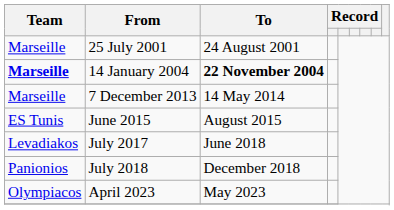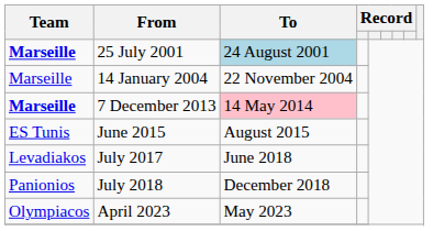 <table class=wikitable style="text-align: center">
 <tr>
 <th rowspan=2>Team</th>
 <th rowspan=2>From</th>
 <th rowspan=2>To</th>
 <th colspan=5>Record</th>
 <th rowspan=2></th>
 </tr>
 <tr>
 <th></th>
 <th></th>
 <th></th>
 <th></th>
 <th></th>
 </tr>
 <tr>
+<td align=left><strong><a href='#'>Marseille</a></strong></td>
+<td align=left>25 July 2001</td>
+<td align=left style="background: lightblue;">24 August 2001<br></td>
+<td></td>
+</tr>
+<tr>
 <td align=left><a href='#'>Marseille</a></td>
-<td align=left>25 July 2001</td>
-<td align=left>24 August 2001<br></td>
+<td align=left>14 January 2004</td>
+<td align=left>22 November 2004<br></td>
 <td></td>
 </tr>
 <tr>
 <td align=left><strong><a href='#'>Marseille</a></strong></td>
-<td align=left>14 January 2004</td>
-<td align=left><strong>22 November 2004<br></strong></td>
-<td></td>
-</tr>
-<tr>
-<td align=left><a href='#'>Marseille</a></td>
 <td align=left>7 December 2013</td>
-<td align=left>14 May 2014<br></td>
+<td align=left style="background: pink;">14 May 2014<br></td>
 <td></td>
 </tr>
 <tr>
 <td align=left><a href='#'>ES Tunis</a></td>
 <td align=left>June 2015</td>
 <td align=left>August 2015<br></td>
 <td></td>
 </tr>
 <tr>
 <td align=left><a href='#'>Levadiakos</a></td>
 <td align=left>July 2017</td>
 <td align=left>June 2018<br></td>
 <td></td>
 </tr>
 <tr>
 <td align=left><a href='#'>Panionios</a></td>
 <td align=left>July 2018</td>
 <td align=left>December 2018<br></td>
 <td></td>
 </tr>
 <tr>
 <td align=left><a href='#'>Olympiacos</a></td>
 <td align=left>April 2023</td>
 <td align=left>Μay 2023<br></td>
 <td></td>
 </tr>
 <tr>
 </tr>
 </table>
